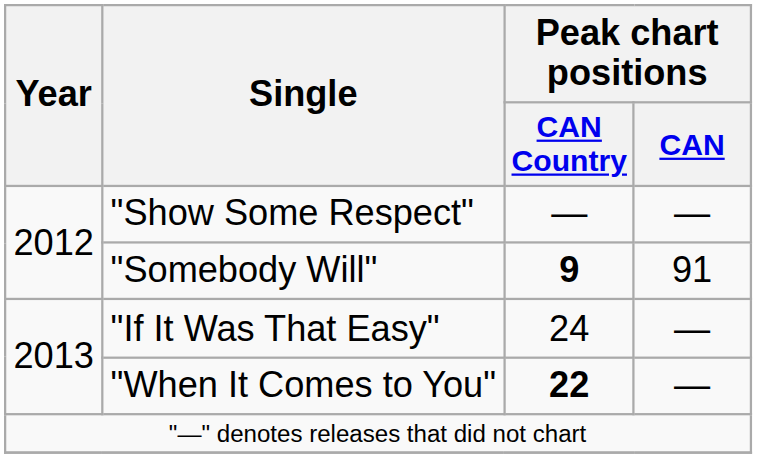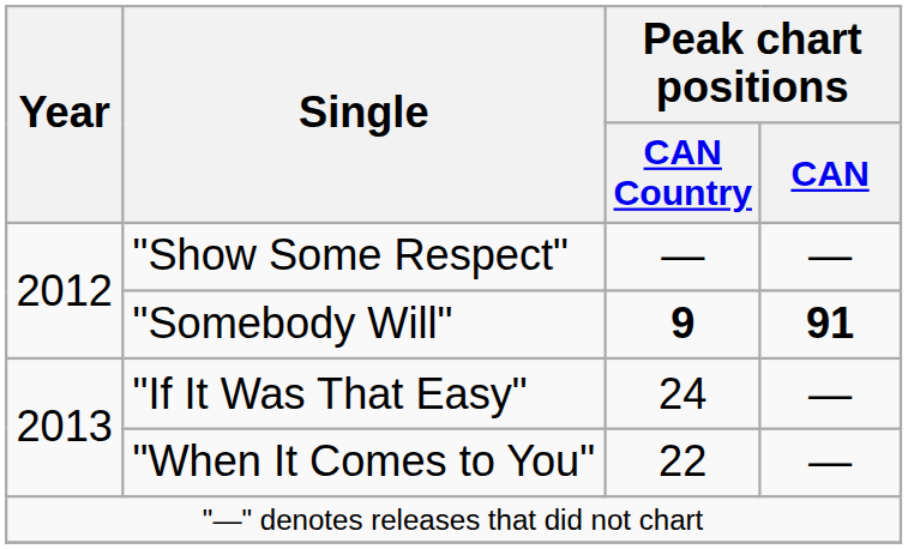 <table class="wikitable" style="text-align:center;">
 <tr>
 <th rowspan="2">Year</th>
 <th rowspan="2">Single</th>
 <th colspan="2">Peak chart<br>positions</th>
 </tr>
 <tr style="font-size:smaller;">
 <th width="45"><a href='#'>CAN Country</a><br></th>
 <th width="45"><a href='#'>CAN</a><br></th>
 </tr>
 <tr>
 <td rowspan="2">2012</td>
 <td align="left">"Show Some Respect"</td>
 <td>—</td>
 <td>—</td>
 </tr>
 <tr>
 <td align="left">"Somebody Will"</td>
 <td><strong>9</strong></td>
-<td>91</td>
+<td><strong>91</strong></td>
 </tr>
 <tr>
 <td rowspan="2">2013</td>
 <td align="left">"If It Was That Easy"</td>
 <td>24</td>
 <td>—</td>
 </tr>
 <tr>
 <td align="left">"When It Comes to You"</td>
-<td><strong>22</strong></td>
+<td>22</td>
 <td>—</td>
 </tr>
 <tr>
 <td colspan="4" style="font-size:8pt">"—" denotes releases that did not chart</td>
 </tr>
 <tr>
 </tr>
 </table>
